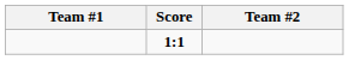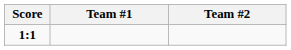 <table class="wikitable" style="text-align:center;">
 <tr>
+<th width=50>Score</th>
 <th width=140>Team #1</th>
-<th width=50>Score</th>
 <th width=140>Team #2</th>
 </tr>
 <tr>
+<td><strong>1:1</strong></td>
 <td style="text-align:right;"></td>
-<td><strong>1:1</strong></td>
 <td style="text-align:left;"></td>
 </tr>
 </table>
